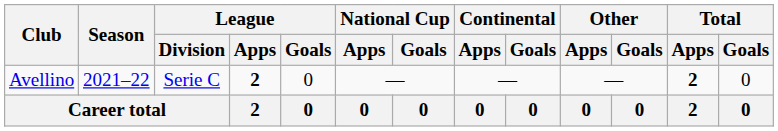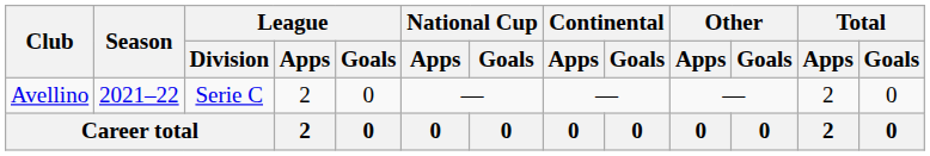 <table class=wikitable style=text-align:center>
 <tr>
 <th rowspan=2>Club</th>
 <th rowspan=2>Season</th>
 <th colspan=3>League</th>
 <th colspan=2>National Cup</th>
 <th colspan=2>Continental</th>
 <th colspan=2>Other</th>
 <th colspan=2>Total</th>
 </tr>
 <tr>
 <th>Division</th>
 <th>Apps</th>
 <th>Goals</th>
 <th>Apps</th>
 <th>Goals</th>
 <th>Apps</th>
 <th>Goals</th>
 <th>Apps</th>
 <th>Goals</th>
 <th>Apps</th>
 <th>Goals</th>
 </tr>
 <tr>
 <td><a href='#'>Avellino</a></td>
 <td><a href='#'>2021–22</a></td>
 <td><a href='#'>Serie C</a></td>
-<td><strong>2</strong></td>
+<td>2</td>
 <td>0</td>
 <td colspan="2">—</td>
 <td colspan="2">—</td>
 <td colspan="2">—</td>
-<td><strong>2</strong></td>
+<td>2</td>
 <td>0</td>
 </tr>
 <tr>
 <th colspan="3">Career total</th>
 <th>2</th>
 <th>0</th>
 <th>0</th>
 <th>0</th>
 <th>0</th>
 <th>0</th>
 <th>0</th>
 <th>0</th>
 <th>2</th>
 <th>0</th>
 </tr>
 </table>
